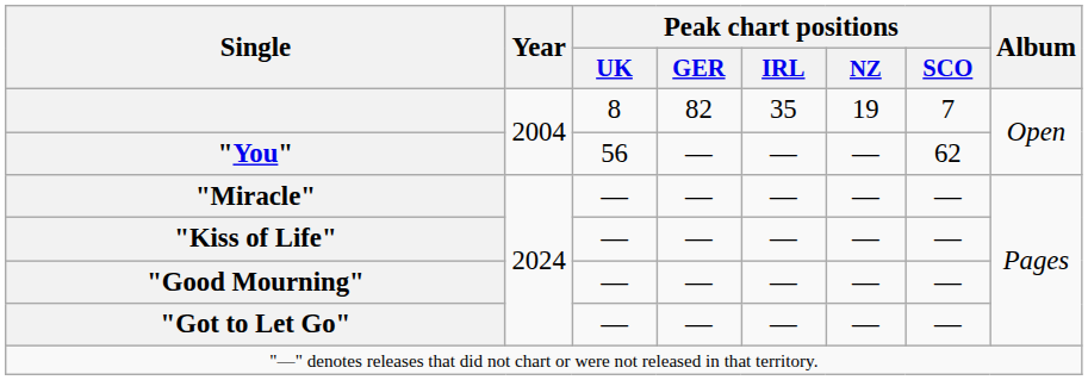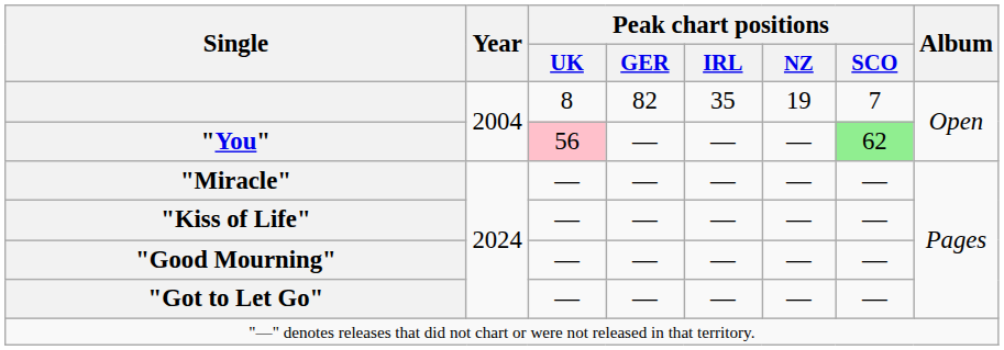 <table class="wikitable plainrowheaders" style="text-align:center;">
 <tr>
 <th scope="colw" rowspan="2" style="width:18em;">Single</th>
 <th scope="col" rowspan="2">Year</th>
 <th scope="col" colspan="5">Peak chart positions</th>
 <th scope="col" rowspan="2">Album</th>
 </tr>
 <tr>
 <th scope="col" style="width:3em;font-size:90%;"><a href='#'>UK</a><br></th>
 <th scope="col" style="width:3em;font-size:90%;"><a href='#'>GER</a><br></th>
 <th scope="col" style="width:3em;font-size:90%;"><a href='#'>IRL</a><br></th>
 <th scope="col" style="width:3em;font-size:85%;"><a href='#'>NZ</a><br></th>
 <th scope="col" style="width:3em;font-size:90%;"><a href='#'>SCO</a><br></th>
 </tr>
 <tr>
 <th scope="row"></th>
 <td rowspan="2">2004</td>
 <td>8</td>
 <td>82</td>
 <td>35</td>
 <td>19</td>
 <td>7</td>
 <td rowspan="2"><em>Open</em></td>
 </tr>
 <tr>
 <th scope="row">"<a href='#'>You</a>"</th>
-<td>56</td>
+<td style="background: pink;">56</td>
 <td>—</td>
 <td>—</td>
 <td>—</td>
-<td>62</td>
+<td style="background: lightgreen;">62</td>
 </tr>
 <tr>
 <th scope="row">"Miracle"</th>
 <td rowspan="4">2024</td>
 <td>—</td>
 <td>—</td>
 <td>—</td>
 <td>—</td>
 <td>—</td>
 <td rowspan="4"><em>Pages</em></td>
 </tr>
 <tr>
 <th scope="row">"Kiss of Life"</th>
 <td>—</td>
 <td>—</td>
 <td>—</td>
 <td>—</td>
 <td>—</td>
 </tr>
 <tr>
 <th scope="row">"Good Mourning"<br></th>
 <td>—</td>
 <td>—</td>
 <td>—</td>
 <td>—</td>
 <td>—</td>
 </tr>
 <tr>
 <th scope="row">"Got to Let Go"</th>
 <td>—</td>
 <td>—</td>
 <td>—</td>
 <td>—</td>
 <td>—</td>
 </tr>
 <tr>
 <td colspan="15" style="text-align:center; font-size:8pt;">"—" denotes releases that did not chart or were not released in that territory.</td>
 </tr>
 </table>
